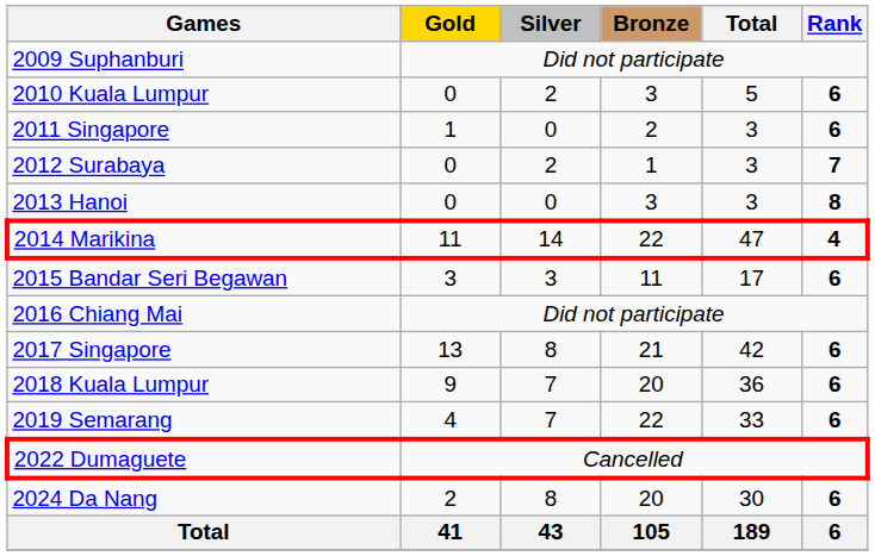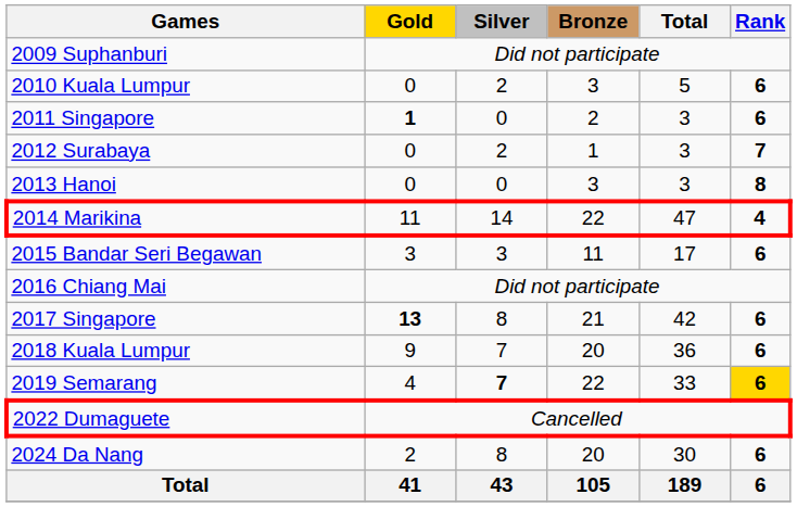 <table class="wikitable" style="text-align:center; font-size:90%;">
 <tr>
 <th style="width:17em;">Games</th>
 <th style="width:4em; background:gold;">Gold</th>
 <th style="width:4em; background:silver;">Silver</th>
 <th style="width:4em; background:#cc9966;">Bronze</th>
 <th style="width:4em;">Total</th>
 <th style="width:2em;"><a href='#'>Rank</a></th>
 </tr>
 <tr>
 <td align=left> <a href='#'>2009 Suphanburi</a></td>
 <td colspan=5><em>Did not participate</em></td>
 </tr>
 <tr>
 <td align=left> <a href='#'>2010 Kuala Lumpur</a></td>
 <td>0</td>
 <td>2</td>
 <td>3</td>
 <td>5</td>
 <td><strong>6</strong></td>
 </tr>
 <tr>
 <td align=left> <a href='#'>2011 Singapore</a></td>
-<td>1</td>
+<td><strong>1</strong></td>
 <td>0</td>
 <td>2</td>
 <td>3</td>
 <td><strong>6</strong></td>
 </tr>
 <tr>
 <td align=left> <a href='#'>2012 Surabaya</a></td>
 <td>0</td>
 <td>2</td>
 <td>1</td>
 <td>3</td>
 <td><strong>7</strong></td>
 </tr>
 <tr>
 <td align=left> <a href='#'>2013 Hanoi</a></td>
 <td>0</td>
 <td>0</td>
 <td>3</td>
 <td>3</td>
 <td><strong>8</strong></td>
 </tr>
 <tr style="border: 3px solid red">
 <td align=left> <a href='#'>2014 Marikina</a></td>
 <td>11</td>
 <td>14</td>
 <td>22</td>
 <td>47</td>
 <td><strong>4</strong></td>
 </tr>
 <tr>
 <td align=left> <a href='#'>2015 Bandar Seri Begawan</a></td>
 <td>3</td>
 <td>3</td>
 <td>11</td>
 <td>17</td>
 <td><strong>6</strong></td>
 </tr>
 <tr>
 <td align=left> <a href='#'>2016 Chiang Mai</a></td>
 <td colspan=5><em>Did not participate</em></td>
 </tr>
 <tr>
 <td align=left> <a href='#'>2017 Singapore</a></td>
-<td>13</td>
+<td><strong>13</strong></td>
 <td>8</td>
 <td>21</td>
 <td>42</td>
 <td><strong>6</strong></td>
 </tr>
 <tr>
 <td align=left> <a href='#'>2018 Kuala Lumpur</a></td>
 <td>9</td>
 <td>7</td>
 <td>20</td>
 <td>36</td>
 <td><strong>6</strong></td>
 </tr>
 <tr>
 <td align=left> <a href='#'>2019 Semarang</a></td>
 <td>4</td>
-<td>7</td>
+<td><strong>7</strong></td>
 <td>22</td>
 <td>33</td>
-<td><strong>6</strong></td>
+<td style="background: gold;"><strong>6</strong></td>
 </tr>
 <tr style="border: 3px solid red">
 <td align=left> <a href='#'>2022 Dumaguete</a></td>
 <td colspan=5><em> Cancelled </em></td>
 </tr>
 <tr>
 <td align=left> <a href='#'>2024 Da Nang</a></td>
 <td>2</td>
 <td>8</td>
 <td>20</td>
 <td>30</td>
 <td><strong>6</strong></td>
 </tr>
 <tr>
 <th><strong>Total</strong></th>
 <th><strong>41</strong></th>
 <th><strong>43</strong></th>
 <th><strong>105</strong></th>
 <th><strong>189</strong></th>
 <th><strong>6</strong></th>
 </tr>
 <tr class="sortbottom">
 </tr>
 </table>
